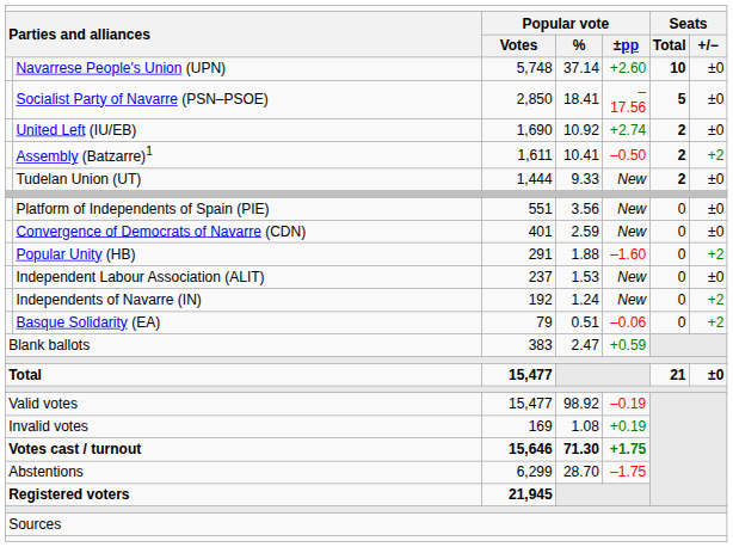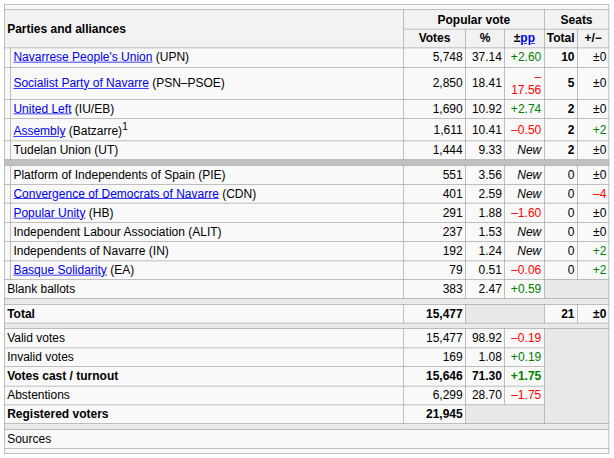 <table class="wikitable" style="text-align:right;">
 <tr>
 <td colspan="7"></td>
 </tr>
 <tr>
 <th style="text-align:left;" rowspan="2" colspan="2" width="525">Parties and alliances</th>
 <th colspan="3">Popular vote</th>
 <th colspan="2">Seats</th>
 </tr>
 <tr>
 <th width="75">Votes</th>
 <th width="45">%</th>
 <th width="45">±<a href='#'>pp</a></th>
 <th width="35">Total</th>
 <th width="35">+/−</th>
 </tr>
 <tr>
 <td width="1" style="color:inherit;background:"></td>
 <td align="left"><a href='#'>Navarrese People's Union</a> (UPN)</td>
 <td>5,748</td>
 <td>37.14</td>
 <td style="color:green;">+2.60</td>
 <td><strong>10</strong></td>
 <td>±0</td>
 </tr>
 <tr>
 <td style="color:inherit;background:"></td>
 <td align="left"><a href='#'>Socialist Party of Navarre</a> (PSN–PSOE)</td>
 <td>2,850</td>
 <td>18.41</td>
 <td style="color:red;">–17.56</td>
 <td><strong>5</strong></td>
 <td>±0</td>
 </tr>
 <tr>
 <td style="color:inherit;background:"></td>
 <td align="left"><a href='#'>United Left</a> (IU/EB)</td>
 <td>1,690</td>
 <td>10.92</td>
 <td style="color:green;">+2.74</td>
 <td><strong>2</strong></td>
 <td>±0</td>
 </tr>
 <tr>
 <td style="color:inherit;background:"></td>
 <td align="left"><a href='#'>Assembly</a> (Batzarre)<sup>1</sup></td>
 <td>1,611</td>
 <td>10.41</td>
 <td style="color:red;">–0.50</td>
 <td><strong>2</strong></td>
 <td style="color:green;">+2</td>
 </tr>
 <tr>
 <td style="color:inherit;background:"></td>
 <td align="left">Tudelan Union (UT)</td>
 <td>1,444</td>
 <td>9.33</td>
 <td><em>New</em></td>
 <td><strong>2</strong></td>
 <td>±0</td>
 </tr>
 <tr>
 <td colspan="7" bgcolor="#C0C0C0"></td>
 </tr>
 <tr>
 <td style="color:inherit;background:"></td>
 <td align="left">Platform of Independents of Spain (PIE)</td>
 <td>551</td>
 <td>3.56</td>
 <td><em>New</em></td>
 <td>0</td>
 <td>±0</td>
 </tr>
 <tr>
 <td style="color:inherit;background:"></td>
 <td align="left"><a href='#'>Convergence of Democrats of Navarre</a> (CDN)</td>
 <td>401</td>
 <td>2.59</td>
 <td><em>New</em></td>
 <td>0</td>
-<td>±0</td>
+<td style="color:red;">–4</td>
 </tr>
 <tr>
 <td style="color:inherit;background:"></td>
 <td align="left"><a href='#'>Popular Unity</a> (HB)</td>
 <td>291</td>
 <td>1.88</td>
 <td style="color:red;">–1.60</td>
 <td>0</td>
-<td style="color:green;">+2</td>
+<td>±0</td>
 </tr>
 <tr>
 <td style="color:inherit;background:"></td>
 <td align="left">Independent Labour Association (ALIT)</td>
 <td>237</td>
 <td>1.53</td>
 <td><em>New</em></td>
 <td>0</td>
 <td>±0</td>
 </tr>
 <tr>
 <td style="color:inherit;background:"></td>
 <td align="left">Independents of Navarre (IN)</td>
 <td>192</td>
 <td>1.24</td>
 <td><em>New</em></td>
 <td>0</td>
 <td style="color:green;">+2</td>
 </tr>
 <tr>
 <td style="color:inherit;background:"></td>
 <td align="left"><a href='#'>Basque Solidarity</a> (EA)</td>
 <td>79</td>
 <td>0.51</td>
 <td style="color:red;">–0.06</td>
 <td>0</td>
 <td style="color:green;">+2</td>
 </tr>
 <tr>
 <td align="left" colspan="2">Blank ballots</td>
 <td>383</td>
 <td>2.47</td>
 <td style="color:green;">+0.59</td>
 <td bgcolor="#E9E9E9" colspan="2"></td>
 </tr>
 <tr>
 <td colspan="7" bgcolor="#E9E9E9"></td>
 </tr>
 <tr style="font-weight:bold;">
 <td align="left" colspan="2">Total</td>
 <td>15,477</td>
 <td bgcolor="#E9E9E9" colspan="2"></td>
 <td>21</td>
 <td>±0</td>
 </tr>
 <tr>
 <td colspan="7" bgcolor="#E9E9E9"></td>
 </tr>
 <tr>
 <td align="left" colspan="2">Valid votes</td>
 <td>15,477</td>
 <td>98.92</td>
 <td style="color:red;">–0.19</td>
 <td bgcolor="#E9E9E9" colspan="2" rowspan="5"></td>
 </tr>
 <tr>
 <td align="left" colspan="2">Invalid votes</td>
 <td>169</td>
 <td>1.08</td>
 <td style="color:green;">+0.19</td>
 </tr>
 <tr style="font-weight:bold;">
 <td align="left" colspan="2">Votes cast / turnout</td>
 <td>15,646</td>
 <td>71.30</td>
 <td style="color:green;">+1.75</td>
 </tr>
 <tr>
 <td align="left" colspan="2">Abstentions</td>
 <td>6,299</td>
 <td>28.70</td>
 <td style="color:red;">–1.75</td>
 </tr>
 <tr style="font-weight:bold;">
 <td align="left" colspan="2">Registered voters</td>
 <td>21,945</td>
 <td bgcolor="#E9E9E9" colspan="2"></td>
 </tr>
 <tr>
 <td colspan="7" bgcolor="#E9E9E9"></td>
 </tr>
 <tr>
 <td align="left" colspan="7">Sources</td>
 </tr>
 <tr>
 <td colspan="7" style="text-align:left; max-width:790px;"></td>
 </tr>
 </table>
